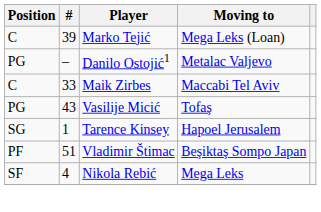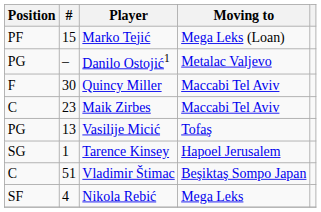 <table class="wikitable sortable" style="text-align: left;">
 <tr>
 <th>Position</th>
 <th>#</th>
 <th>Player</th>
 <th>Moving to</th>
 <th></th>
 </tr>
 <tr>
-<td>C</td>
-<td>39</td>
+<td>PF</td>
+<td>15</td>
 <td> <a href='#'>Marko Tejić</a></td>
 <td> <a href='#'>Mega Leks</a> (Loan)</td>
 <td></td>
 </tr>
 <tr>
 <td>PG</td>
 <td>–</td>
 <td> <a href='#'>Danilo Ostojić</a><sup>1</sup></td>
 <td> <a href='#'>Metalac Valjevo</a></td>
 <td></td>
 </tr>
 <tr>
+<td>F</td>
+<td>30</td>
+<td> <a href='#'>Quincy Miller</a></td>
+<td> <a href='#'>Maccabi Tel Aviv</a></td>
+<td></td>
+</tr>
+<tr>
 <td>C</td>
-<td>33</td>
+<td>23</td>
 <td> <a href='#'>Maik Zirbes</a></td>
 <td> <a href='#'>Maccabi Tel Aviv</a></td>
 <td></td>
 </tr>
 <tr>
 <td>PG</td>
-<td>43</td>
+<td>13</td>
 <td> <a href='#'>Vasilije Micić</a></td>
 <td> <a href='#'>Tofaş</a></td>
 <td></td>
 </tr>
 <tr>
 <td>SG</td>
 <td>1</td>
 <td> <a href='#'>Tarence Kinsey</a></td>
 <td> <a href='#'>Hapoel Jerusalem</a></td>
 <td></td>
 </tr>
 <tr>
-<td>PF</td>
+<td>C</td>
 <td>51</td>
 <td> <a href='#'>Vladimir Štimac</a></td>
 <td> <a href='#'>Beşiktaş Sompo Japan</a></td>
 <td></td>
 </tr>
 <tr>
 <td>SF</td>
 <td>4</td>
 <td> <a href='#'>Nikola Rebić</a></td>
 <td> <a href='#'>Mega Leks</a></td>
 <td></td>
 </tr>
 <tr>
 </tr>
 </table>
